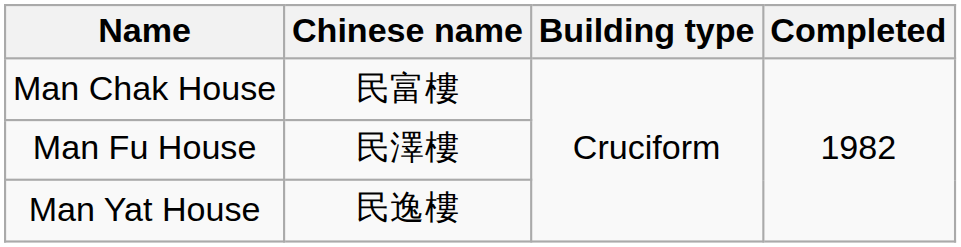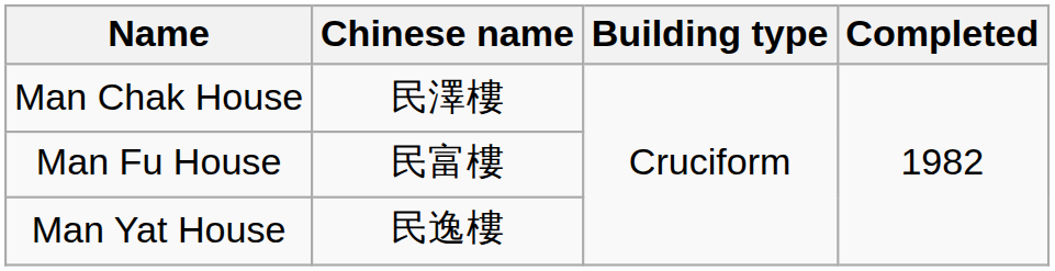 <table class="wikitable" style="text-align: center">
 <tr>
 <th>Name</th>
 <th>Chinese name</th>
 <th>Building type</th>
 <th>Completed</th>
 </tr>
 <tr>
 <td>Man Chak House</td>
-<td>民富樓</td>
+<td>民澤樓</td>
 <td rowspan="3">Cruciform</td>
 <td rowspan="3">1982</td>
 </tr>
 <tr>
 <td>Man Fu House</td>
-<td>民澤樓</td>
+<td>民富樓</td>
 </tr>
 <tr>
 <td>Man Yat House</td>
 <td>民逸樓</td>
 </tr>
 </table>
